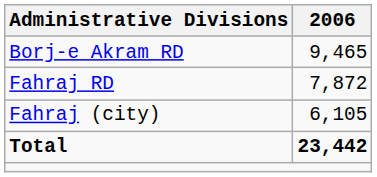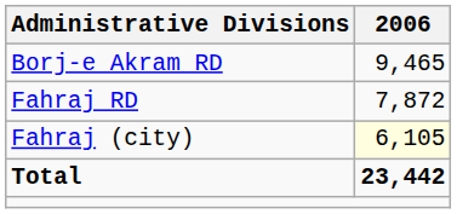 <table class="wikitable">
 <tr>
 <th>Administrative Divisions</th>
 <th>2006</th>
 </tr>
 <tr>
 <td><a href='#'>Borj-e Akram RD</a></td>
 <td style="text-align: right;">9,465</td>
 </tr>
 <tr>
 <td><a href='#'>Fahraj RD</a></td>
 <td style="text-align: right;">7,872</td>
 </tr>
 <tr>
 <td><a href='#'>Fahraj</a> (city)</td>
-<td style="text-align: right;">6,105</td>
+<td style="background: lightyellow; text-align: right;">6,105</td>
 </tr>
 <tr>
 <td><strong>Total</strong></td>
 <td style="text-align: right;"><strong>23,442</strong></td>
 </tr>
 <tr>
 <td colspan=2></td>
 </tr>
 </table>
